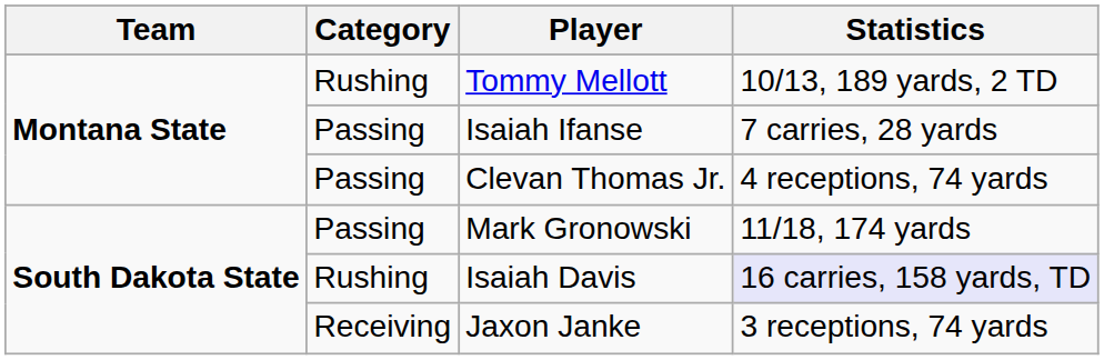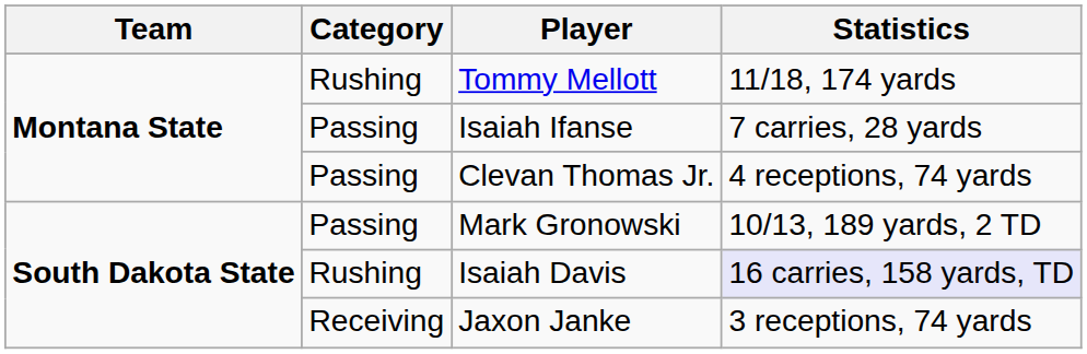 <table class="wikitable" style="float: left;">
 <tr>
 <th>Team</th>
 <th>Category</th>
 <th>Player</th>
 <th>Statistics</th>
 </tr>
 <tr>
 <td rowspan=3><strong>Montana State</strong></td>
 <td>Rushing</td>
 <td><a href='#'>Tommy Mellott</a></td>
-<td>10/13, 189 yards, 2 TD</td>
+<td>11/18, 174 yards</td>
 </tr>
 <tr>
 <td>Passing</td>
 <td>Isaiah Ifanse</td>
 <td>7 carries, 28 yards</td>
 </tr>
 <tr>
 <td>Passing</td>
 <td>Clevan Thomas Jr.</td>
 <td>4 receptions, 74 yards</td>
 </tr>
 <tr>
 <td rowspan=3><strong>South Dakota State</strong></td>
 <td>Passing</td>
 <td>Mark Gronowski</td>
-<td>11/18, 174 yards</td>
+<td>10/13, 189 yards, 2 TD</td>
 </tr>
 <tr>
 <td>Rushing</td>
 <td>Isaiah Davis</td>
 <td style="background: lavender;">16 carries, 158 yards, TD</td>
 </tr>
 <tr>
 <td>Receiving</td>
 <td>Jaxon Janke</td>
 <td>3 receptions, 74 yards</td>
 </tr>
 </table>
